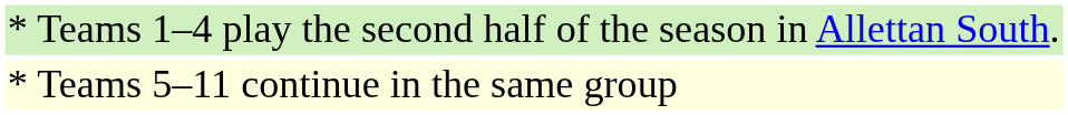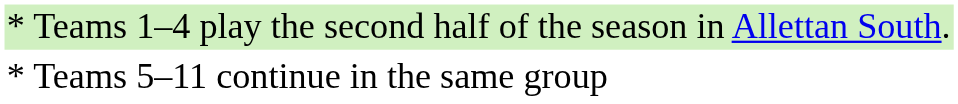 <table>
 <tr style="background: #D0F0C0;">
 <td>* Teams 1–4 play the second half of the season in <a href='#'>Allettan South</a>.</td>
 </tr>
 <tr>
-<td style="background: lightyellow;">* Teams 5–11 continue in the same group</td>
+<td>* Teams 5–11 continue in the same group</td>
 </tr>
 </table>
